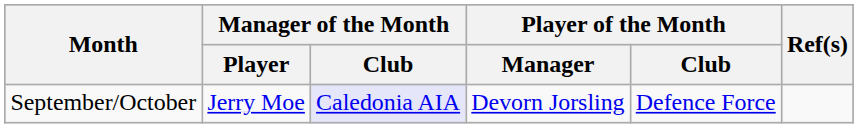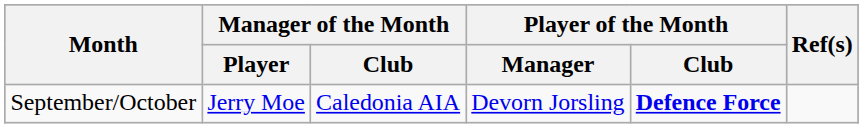 <table class="wikitable" style="font-size:90%;">
 <tr>
 <th rowspan="2">Month</th>
 <th colspan="2">Manager of the Month</th>
 <th colspan="2">Player of the Month</th>
 <th rowspan="2">Ref(s)</th>
 </tr>
 <tr>
 <th>Player</th>
 <th>Club</th>
 <th>Manager</th>
 <th>Club</th>
 </tr>
 <tr>
 <td>September/October</td>
 <td> <a href='#'>Jerry Moe</a></td>
-<td style="background: lavender;"><a href='#'>Caledonia AIA</a></td>
+<td><a href='#'>Caledonia AIA</a></td>
 <td> <a href='#'>Devorn Jorsling</a></td>
-<td><a href='#'>Defence Force</a></td>
+<td><strong><a href='#'>Defence Force</a></strong></td>
 <td align=center></td>
 </tr>
 </table>
